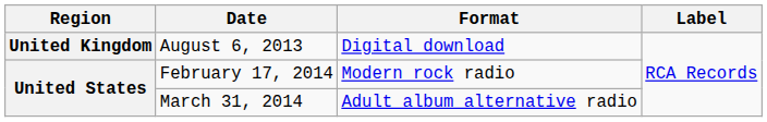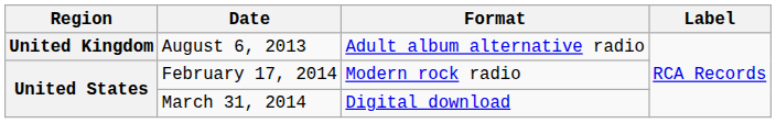 <table class="wikitable plainrowheaders">
 <tr>
 <th>Region</th>
 <th>Date</th>
 <th>Format</th>
 <th>Label</th>
 </tr>
 <tr>
 <th scope="row">United Kingdom</th>
 <td>August 6, 2013</td>
-<td><a href='#'>Digital download</a></td>
+<td><a href='#'>Adult album alternative</a> radio</td>
 <td rowspan="3"><a href='#'>RCA Records</a></td>
 </tr>
 <tr>
 <th scope="row" rowspan="2">United States</th>
 <td>February 17, 2014</td>
 <td><a href='#'>Modern rock</a> radio</td>
 </tr>
 <tr>
 <td>March 31, 2014</td>
-<td><a href='#'>Adult album alternative</a> radio</td>
+<td><a href='#'>Digital download</a></td>
 </tr>
 </table>
